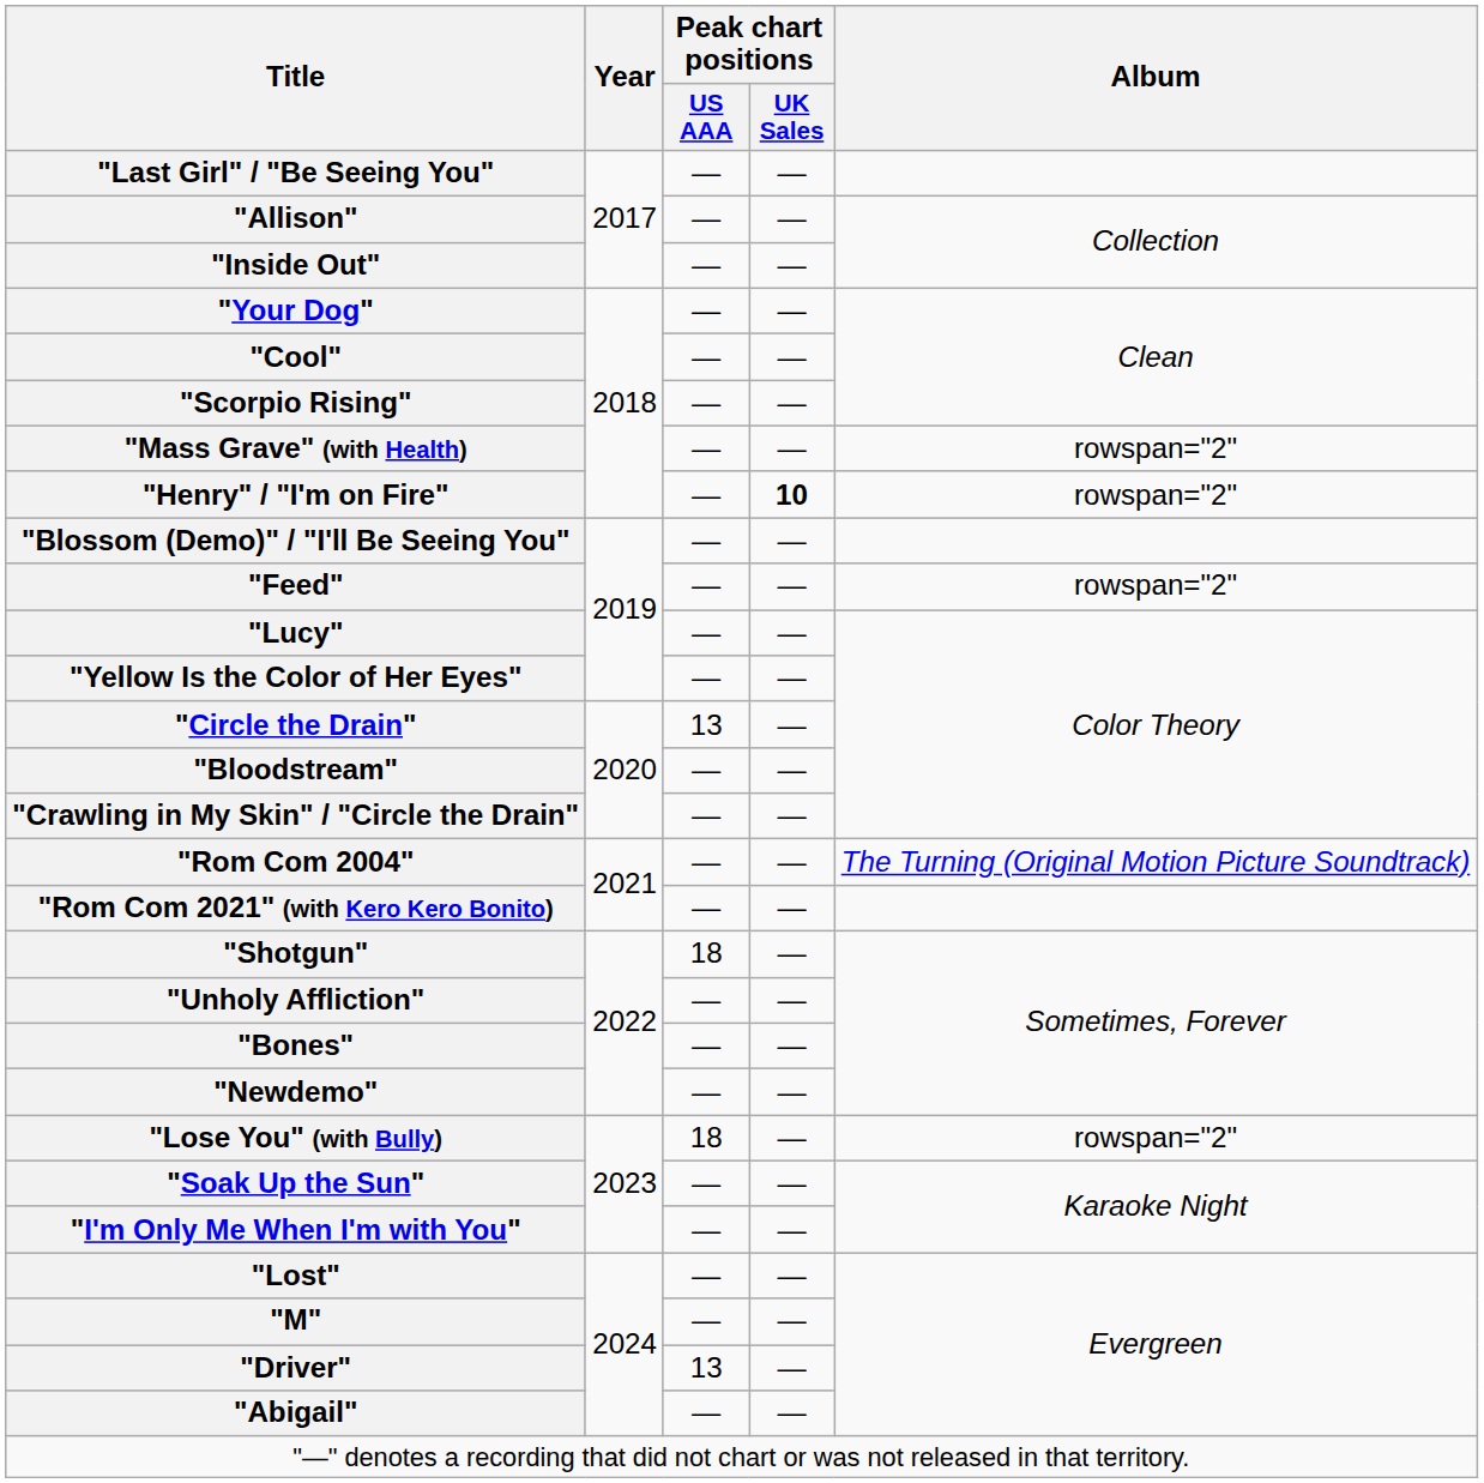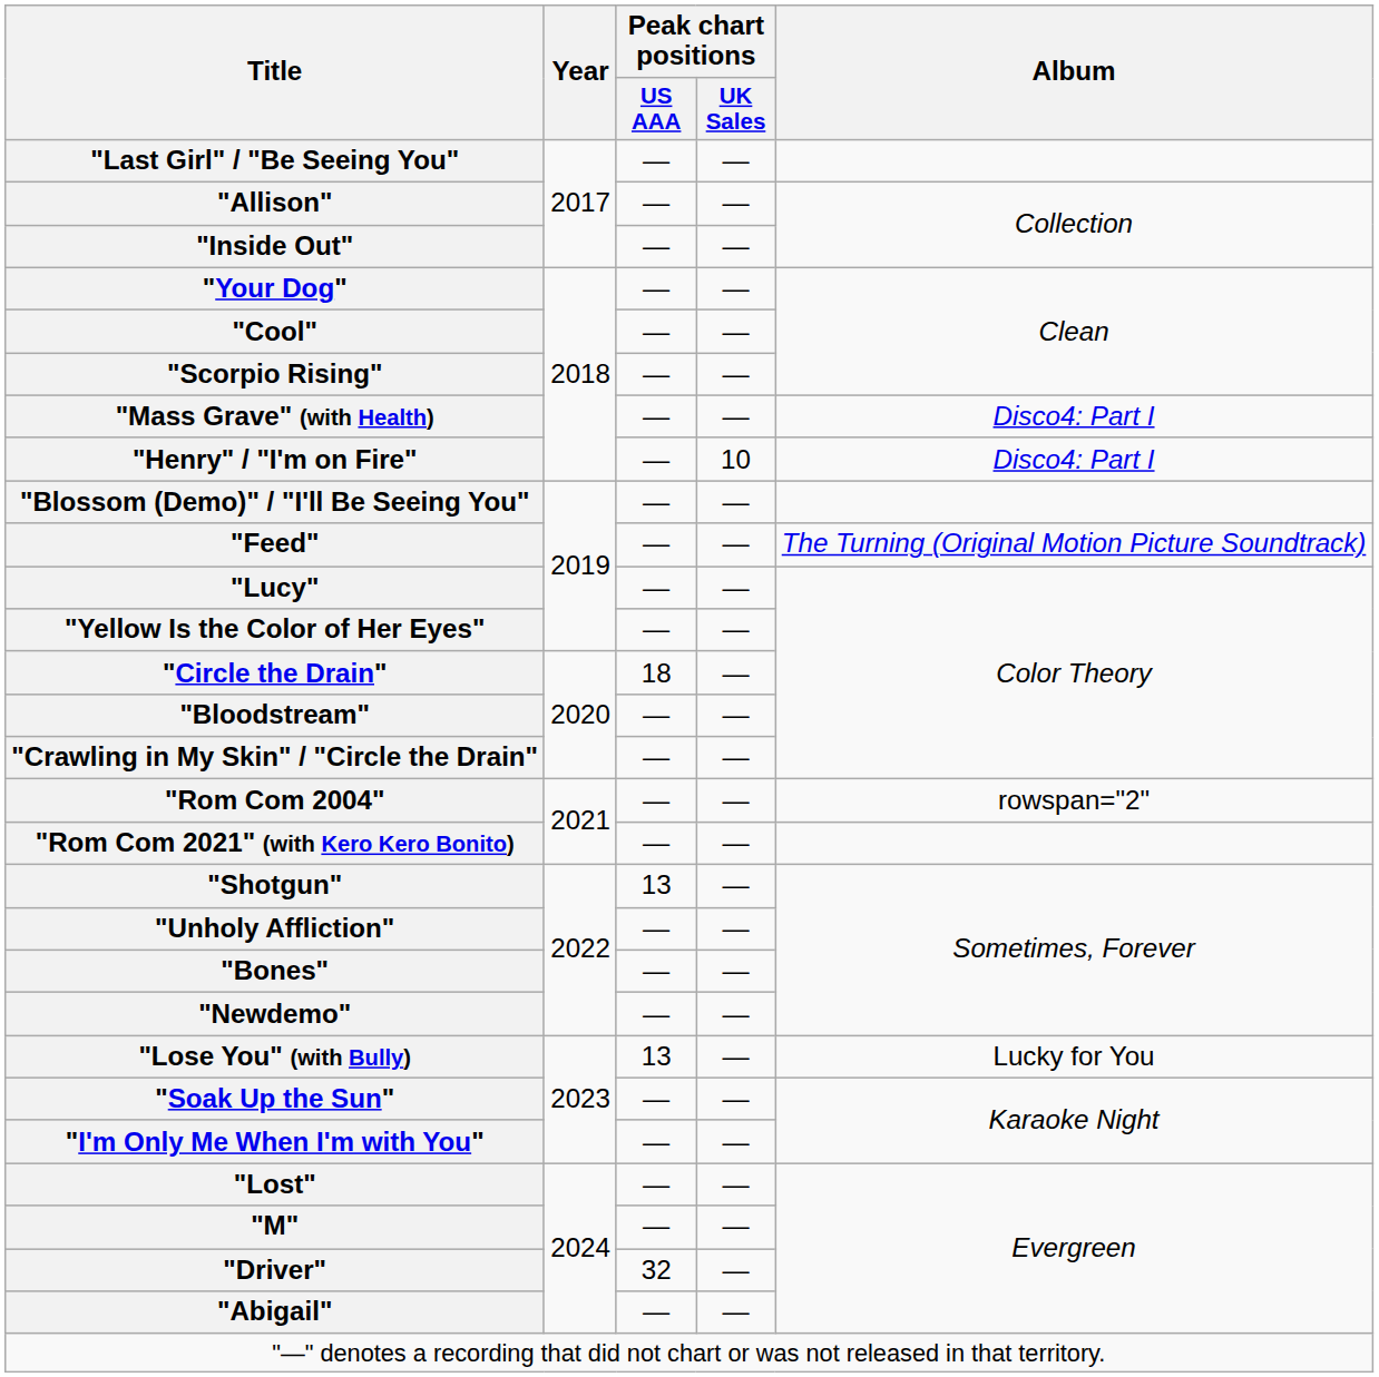 <table class="wikitable plainrowheaders" style="text-align:center;">
 <tr>
 <th scope="col" rowspan="2">Title</th>
 <th scope="col" rowspan="2">Year</th>
 <th scope="col" colspan="2">Peak chart positions</th>
 <th scope="col" rowspan="2">Album</th>
 </tr>
 <tr>
 <th scope="col" style="width:3em;font-size:85%;"><a href='#'>US<br>AAA</a><br></th>
 <th scope="col" style="width:3em;font-size:85%;"><a href='#'>UK<br>Sales</a><br></th>
 </tr>
 <tr>
 <th scope="row">"Last Girl" / "Be Seeing You"</th>
 <td rowspan="3">2017</td>
 <td>—</td>
 <td>—</td>
 <td></td>
 </tr>
 <tr>
 <th scope="row">"Allison"</th>
 <td>—</td>
 <td>—</td>
 <td rowspan="2"><em>Collection</em></td>
 </tr>
 <tr>
 <th scope="row">"Inside Out"</th>
 <td>—</td>
 <td>—</td>
 </tr>
 <tr>
 <th scope="row">"<a href='#'>Your Dog</a>"</th>
 <td rowspan="5">2018</td>
 <td>—</td>
 <td>—</td>
 <td rowspan="3"><em>Clean</em></td>
 </tr>
 <tr>
 <th scope="row">"Cool"</th>
 <td>—</td>
 <td>—</td>
 </tr>
 <tr>
 <th scope="row">"Scorpio Rising"</th>
 <td>—</td>
 <td>—</td>
 </tr>
 <tr>
 <th scope="row">"Mass Grave" <small>(with <a href='#'>Health</a>)</small></th>
 <td>—</td>
 <td>—</td>
-<td>rowspan="2" </td>
+<td><em><a href='#'>Disco4: Part I</a></em></td>
 </tr>
 <tr>
 <th scope="row">"Henry" / "I'm on Fire"</th>
 <td>—</td>
-<td><strong>10</strong></td>
-<td>rowspan="2" </td>
+<td>10</td>
+<td><em><a href='#'>Disco4: Part I</a></em></td>
 </tr>
 <tr>
 <th scope="row">"Blossom (Demo)" / "I'll Be Seeing You"</th>
 <td rowspan="4">2019</td>
 <td>—</td>
 <td>—</td>
 </tr>
 <tr>
 <th scope="row">"Feed"</th>
 <td>—</td>
 <td>—</td>
-<td>rowspan="2" </td>
+<td><em><a href='#'>The Turning (Original Motion Picture Soundtrack)</a></em></td>
 </tr>
 <tr>
 <th scope="row">"Lucy"</th>
 <td>—</td>
 <td>—</td>
 <td rowspan="5"><em>Color Theory</em></td>
 </tr>
 <tr>
 <th scope="row">"Yellow Is the Color of Her Eyes"</th>
 <td>—</td>
 <td>—</td>
 </tr>
 <tr>
 <th scope="row">"<a href='#'>Circle the Drain</a>"</th>
 <td rowspan="3">2020</td>
-<td>13</td>
+<td>18</td>
 <td>—</td>
 </tr>
 <tr>
 <th scope="row">"Bloodstream"</th>
 <td>—</td>
 <td>—</td>
 </tr>
 <tr>
 <th scope="row">"Crawling in My Skin" / "Circle the Drain"</th>
 <td>—</td>
 <td>—</td>
 </tr>
 <tr>
 <th scope="row">"Rom Com 2004"</th>
 <td rowspan="2">2021</td>
 <td>—</td>
 <td>—</td>
-<td><em><a href='#'>The Turning (Original Motion Picture Soundtrack)</a></em></td>
+<td>rowspan="2" </td>
 </tr>
 <tr>
 <th scope="row">"Rom Com 2021" <small>(with <a href='#'>Kero Kero Bonito</a>)</small></th>
 <td>—</td>
 <td>—</td>
 </tr>
 <tr>
 <th scope="row">"Shotgun"</th>
 <td rowspan="4">2022</td>
-<td>18</td>
+<td>13</td>
 <td>—</td>
 <td rowspan="4"><em>Sometimes, Forever</em></td>
 </tr>
 <tr>
 <th scope="row">"Unholy Affliction"</th>
 <td>—</td>
 <td>—</td>
 </tr>
 <tr>
 <th scope="row">"Bones"</th>
 <td>—</td>
 <td>—</td>
 </tr>
 <tr>
 <th scope="row">"Newdemo"</th>
 <td>—</td>
 <td>—</td>
 </tr>
 <tr>
 <th scope="row">"Lose You" <small>(with <a href='#'>Bully</a>)</small></th>
 <td rowspan="3">2023</td>
-<td>18</td>
+<td>13</td>
 <td>—</td>
-<td>rowspan="2" </td>
+<td rowspan="1">Lucky for You</td>
 </tr>
 <tr>
 <th scope="row">"<a href='#'>Soak Up the Sun</a>"</th>
 <td>—</td>
 <td>—</td>
 <td rowspan="2"><em>Karaoke Night</em></td>
 </tr>
 <tr>
 <th scope="row">"<a href='#'>I'm Only Me When I'm with You</a>"</th>
 <td>—</td>
 <td>—</td>
 </tr>
 <tr>
 <th scope="row">"Lost"</th>
 <td rowspan="4">2024</td>
 <td>—</td>
 <td>—</td>
 <td rowspan="4"><em>Evergreen</em></td>
 </tr>
 <tr>
 <th scope="row">"M"</th>
 <td>—</td>
 <td>—</td>
 </tr>
 <tr>
 <th scope="row">"Driver"</th>
-<td>13</td>
+<td>32</td>
 <td>—</td>
 </tr>
 <tr>
 <th scope="row">"Abigail"</th>
 <td>—</td>
 <td>—</td>
 </tr>
 <tr>
 <td colspan="15" style="font-size:90%">"—" denotes a recording that did not chart or was not released in that territory.</td>
 </tr>
 </table>
